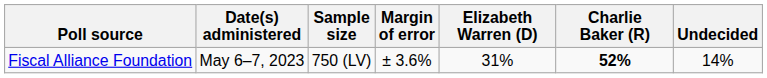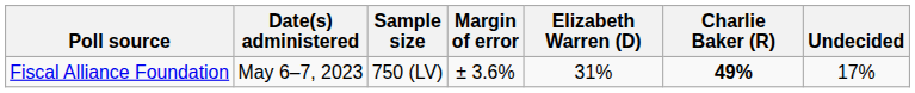 <table class="wikitable" style="font-size:90%;text-align:center;">
 <tr valign=bottom>
 <th>Poll source</th>
 <th>Date(s)<br>administered</th>
 <th>Sample<br>size</th>
 <th>Margin<br>of error</th>
 <th style="width:100px;">Elizabeth<br>Warren (D)</th>
 <th style="width:100px;">Charlie<br>Baker (R)</th>
 <th>Undecided</th>
 </tr>
 <tr>
 <td rowspan=2 style="text-align:left"><a href='#'>Fiscal Alliance Foundation</a></td>
 <td rowspan=2>May 6–7, 2023</td>
 <td rowspan=2>750 (LV)</td>
 <td rowspan=2>± 3.6%</td>
 <td>31%</td>
-<td><strong>52%</strong></td>
-<td>14%</td>
+<td><strong>49%</strong></td>
+<td>17%</td>
 </tr>
 </table>
